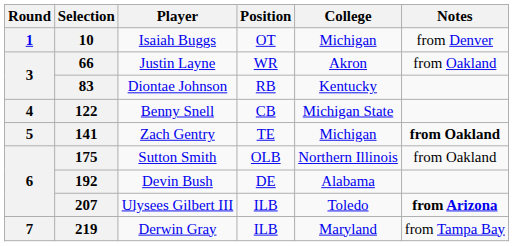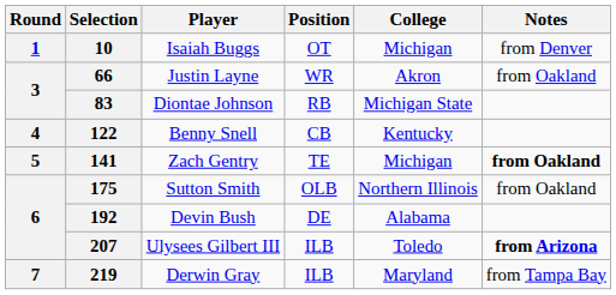 <table class="wikitable" style="text-align:center">
 <tr>
 <th>Round</th>
 <th>Selection</th>
 <th>Player</th>
 <th>Position</th>
 <th>College</th>
 <th>Notes</th>
 </tr>
 <tr>
 <th><a href='#'>1</a></th>
 <th>10</th>
 <td><a href='#'>Isaiah Buggs</a></td>
 <td><a href='#'>OT</a></td>
 <td><a href='#'>Michigan</a></td>
 <td>from <a href='#'>Denver</a></td>
 </tr>
 <tr>
 <th rowspan="2">3</th>
 <th>66</th>
 <td><a href='#'>Justin Layne</a></td>
 <td><a href='#'>WR</a></td>
 <td><a href='#'>Akron</a></td>
 <td>from <a href='#'>Oakland</a></td>
 </tr>
 <tr>
 <th>83</th>
 <td><a href='#'>Diontae Johnson</a></td>
 <td><a href='#'>RB</a></td>
-<td><a href='#'>Kentucky</a></td>
+<td><a href='#'>Michigan State</a></td>
 <td></td>
 </tr>
 <tr>
 <th>4</th>
 <th>122</th>
 <td><a href='#'>Benny Snell</a></td>
 <td><a href='#'>CB</a></td>
-<td><a href='#'>Michigan State</a></td>
+<td><a href='#'>Kentucky</a></td>
 <td></td>
 </tr>
 <tr>
 <th>5</th>
 <th>141</th>
 <td><a href='#'>Zach Gentry</a></td>
 <td><a href='#'>TE</a></td>
 <td><a href='#'>Michigan</a></td>
 <td><strong>from Oakland</strong></td>
 </tr>
 <tr>
 <th rowspan="3">6</th>
 <th>175</th>
 <td><a href='#'>Sutton Smith</a></td>
 <td><a href='#'>OLB</a></td>
 <td><a href='#'>Northern Illinois</a></td>
 <td>from Oakland</td>
 </tr>
 <tr>
 <th>192</th>
 <td><a href='#'>Devin Bush</a></td>
 <td><a href='#'>DE</a></td>
 <td><a href='#'>Alabama</a></td>
 <td></td>
 </tr>
 <tr>
 <th>207</th>
 <td><a href='#'>Ulysees Gilbert III</a></td>
 <td><a href='#'>ILB</a></td>
 <td><a href='#'>Toledo</a></td>
 <td><strong>from <a href='#'>Arizona</a></strong></td>
 </tr>
 <tr>
 <th>7</th>
 <th>219</th>
 <td><a href='#'>Derwin Gray</a></td>
 <td><a href='#'>ILB</a></td>
 <td><a href='#'>Maryland</a></td>
 <td>from <a href='#'>Tampa Bay</a></td>
 </tr>
 </table>
